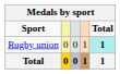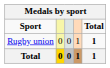 <table class="wikitable" style="font-size:85%; float: right;">
 <tr style="background:#efefef;">
 <th colspan=5>Medals by sport</th>
 </tr>
 <tr align=center>
 <td><strong>Sport</strong></td>
 <td bgcolor=#f7f6a8></td>
 <td bgcolor=#dce5e5></td>
 <td bgcolor=#ffdab9></td>
 <td><strong>Total</strong></td>
 </tr>
 <tr align=center>
 <td><a href='#'>Rugby union</a></td>
 <td style="background:#F7F6A8;">0</td>
 <td style="background:#DCE5E5;">0</td>
 <td style="background:#FFDAB9;">1</td>
-<td style="background: paleturquoise;"><strong>1</strong></td>
+<td><strong>1</strong></td>
 </tr>
 <tr align=center>
 <th>Total</th>
 <th style="background:gold;">0</th>
 <th style="background:silver;">0</th>
 <th style="background:#c96;">1</th>
 <th>1</th>
 </tr>
 </table>
